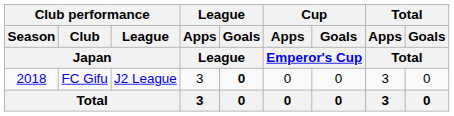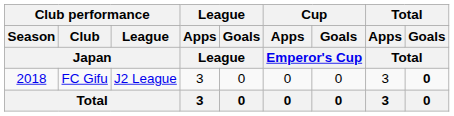 <table class="wikitable" style="text-align:center;">
 <tr>
 <th colspan=3>Club performance</th>
 <th colspan=2>League</th>
 <th colspan=2>Cup</th>
 <th colspan=2>Total</th>
 </tr>
 <tr>
 <th>Season</th>
 <th>Club</th>
 <th>League</th>
 <th>Apps</th>
 <th>Goals</th>
 <th>Apps</th>
 <th>Goals</th>
 <th>Apps</th>
 <th>Goals</th>
 </tr>
 <tr>
 <th colspan=3>Japan</th>
 <th colspan=2>League</th>
 <th colspan=2><a href='#'>Emperor's Cup</a></th>
 <th colspan=2>Total</th>
 </tr>
 <tr>
 <td><a href='#'>2018</a></td>
 <td rowspan="1"><a href='#'>FC Gifu</a></td>
 <td rowspan="1"><a href='#'>J2 League</a></td>
 <td>3</td>
-<td><strong>0</strong></td>
+<td>0</td>
 <td>0</td>
 <td>0</td>
 <td>3</td>
-<td>0</td>
+<td><strong>0</strong></td>
 </tr>
 <tr>
 <th colspan=3>Total</th>
 <th>3</th>
 <th>0</th>
 <th>0</th>
 <th>0</th>
 <th>3</th>
 <th>0</th>
 </tr>
 </table>
